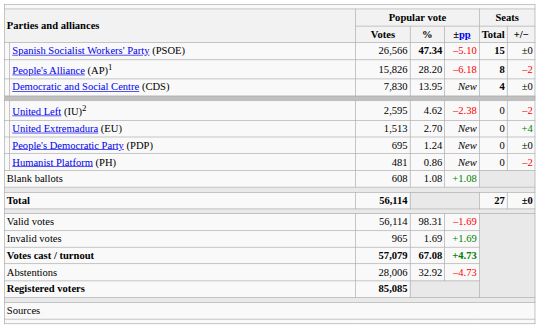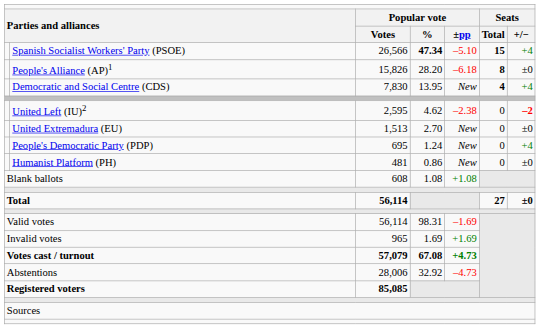 <table class="wikitable" style="text-align:right;">
 <tr>
 <td colspan="7"></td>
 </tr>
 <tr>
 <th style="text-align:left;" rowspan="2" colspan="2" width="525">Parties and alliances</th>
 <th colspan="3">Popular vote</th>
 <th colspan="2">Seats</th>
 </tr>
 <tr>
 <th width="75">Votes</th>
 <th width="45">%</th>
 <th width="45">±<a href='#'>pp</a></th>
 <th width="35">Total</th>
 <th width="35">+/−</th>
 </tr>
 <tr>
 <td width="1" style="color:inherit;background:"></td>
 <td align="left"><a href='#'>Spanish Socialist Workers' Party</a> (PSOE)</td>
 <td>26,566</td>
 <td><strong>47.34</strong></td>
 <td style="color:red;">–5.10</td>
 <td><strong>15</strong></td>
-<td>±0</td>
+<td style="color:green;">+4</td>
 </tr>
 <tr>
 <td style="color:inherit;background:"></td>
 <td align="left"><a href='#'>People's Alliance</a> (AP)<sup>1</sup></td>
 <td>15,826</td>
 <td>28.20</td>
 <td style="color:red;">–6.18</td>
 <td><strong>8</strong></td>
-<td style="color:red;">–2</td>
+<td>±0</td>
 </tr>
 <tr>
 <td style="color:inherit;background:"></td>
 <td align="left"><a href='#'>Democratic and Social Centre</a> (CDS)</td>
 <td>7,830</td>
 <td>13.95</td>
 <td><em>New</em></td>
 <td><strong>4</strong></td>
-<td>±0</td>
+<td style="color:green;">+4</td>
 </tr>
 <tr>
 <td colspan="7" bgcolor="#C0C0C0"></td>
 </tr>
 <tr>
 <td style="color:inherit;background:"></td>
 <td align="left"><a href='#'>United Left</a> (IU)<sup>2</sup></td>
 <td>2,595</td>
 <td>4.62</td>
 <td style="color:red;">–2.38</td>
 <td>0</td>
-<td style="color:red;">–2</td>
+<td style="color:red;"><strong>–2</strong></td>
 </tr>
 <tr>
 <td style="color:inherit;background:"></td>
 <td align="left"><a href='#'>United Extremadura</a> (EU)</td>
 <td>1,513</td>
 <td>2.70</td>
 <td><em>New</em></td>
 <td>0</td>
-<td style="color:green;">+4</td>
+<td>±0</td>
 </tr>
 <tr>
 <td style="color:inherit;background:"></td>
 <td align="left"><a href='#'>People's Democratic Party</a> (PDP)</td>
 <td>695</td>
 <td>1.24</td>
 <td><em>New</em></td>
 <td>0</td>
-<td>±0</td>
+<td style="color:green;">+4</td>
 </tr>
 <tr>
 <td style="color:inherit;background:"></td>
 <td align="left"><a href='#'>Humanist Platform</a> (PH)</td>
 <td>481</td>
 <td>0.86</td>
 <td><em>New</em></td>
 <td>0</td>
-<td style="color:red;">–2</td>
+<td>±0</td>
 </tr>
 <tr>
 <td align="left" colspan="2">Blank ballots</td>
 <td>608</td>
 <td>1.08</td>
 <td style="color:green;">+1.08</td>
 <td bgcolor="#E9E9E9" colspan="2"></td>
 </tr>
 <tr>
 <td colspan="7" bgcolor="#E9E9E9"></td>
 </tr>
 <tr style="font-weight:bold;">
 <td align="left" colspan="2">Total</td>
 <td>56,114</td>
 <td bgcolor="#E9E9E9" colspan="2"></td>
 <td>27</td>
 <td>±0</td>
 </tr>
 <tr>
 <td colspan="7" bgcolor="#E9E9E9"></td>
 </tr>
 <tr>
 <td align="left" colspan="2">Valid votes</td>
 <td>56,114</td>
 <td>98.31</td>
 <td style="color:red;">–1.69</td>
 <td bgcolor="#E9E9E9" colspan="2" rowspan="5"></td>
 </tr>
 <tr>
 <td align="left" colspan="2">Invalid votes</td>
 <td>965</td>
 <td>1.69</td>
 <td style="color:green;">+1.69</td>
 </tr>
 <tr style="font-weight:bold;">
 <td align="left" colspan="2">Votes cast / turnout</td>
 <td>57,079</td>
 <td>67.08</td>
 <td style="color:green;">+4.73</td>
 </tr>
 <tr>
 <td align="left" colspan="2">Abstentions</td>
 <td>28,006</td>
 <td>32.92</td>
 <td style="color:red;">–4.73</td>
 </tr>
 <tr style="font-weight:bold;">
 <td align="left" colspan="2">Registered voters</td>
 <td>85,085</td>
 <td bgcolor="#E9E9E9" colspan="2"></td>
 </tr>
 <tr>
 <td colspan="7" bgcolor="#E9E9E9"></td>
 </tr>
 <tr>
 <td align="left" colspan="7">Sources</td>
 </tr>
 <tr>
 <td colspan="7" style="text-align:left; max-width:790px;"></td>
 </tr>
 </table>
